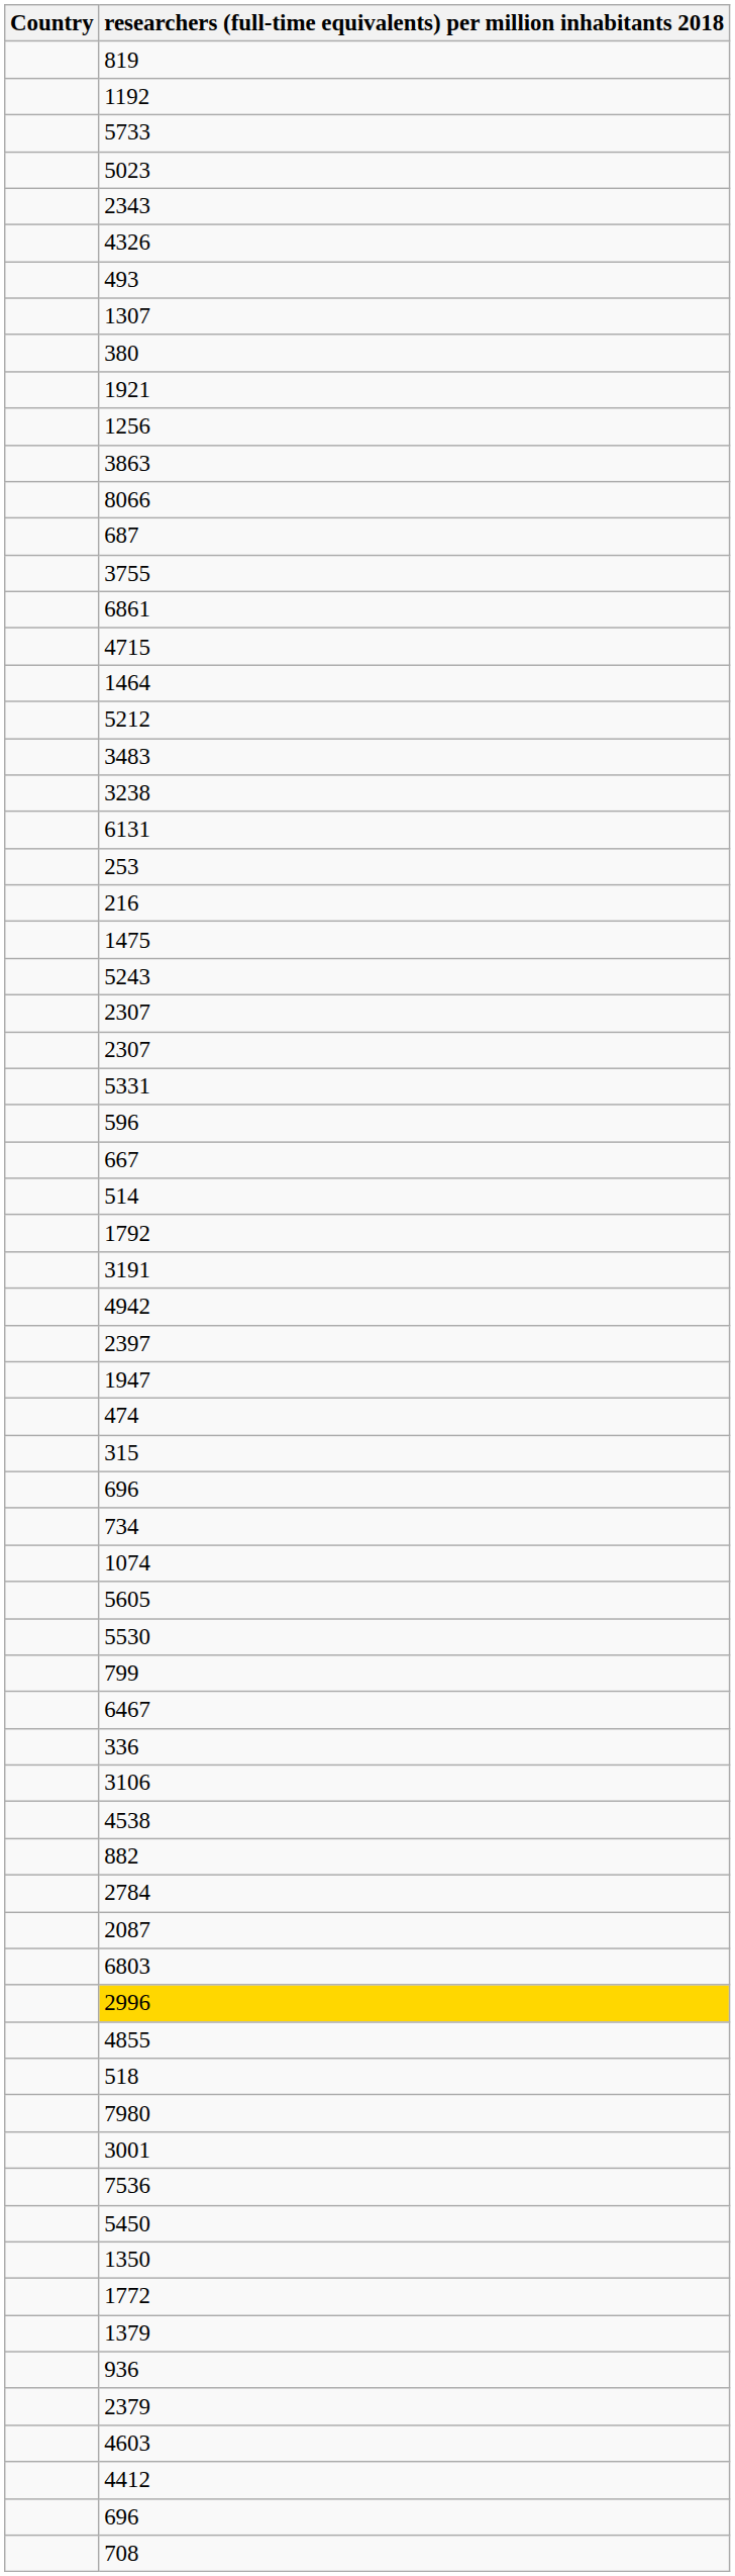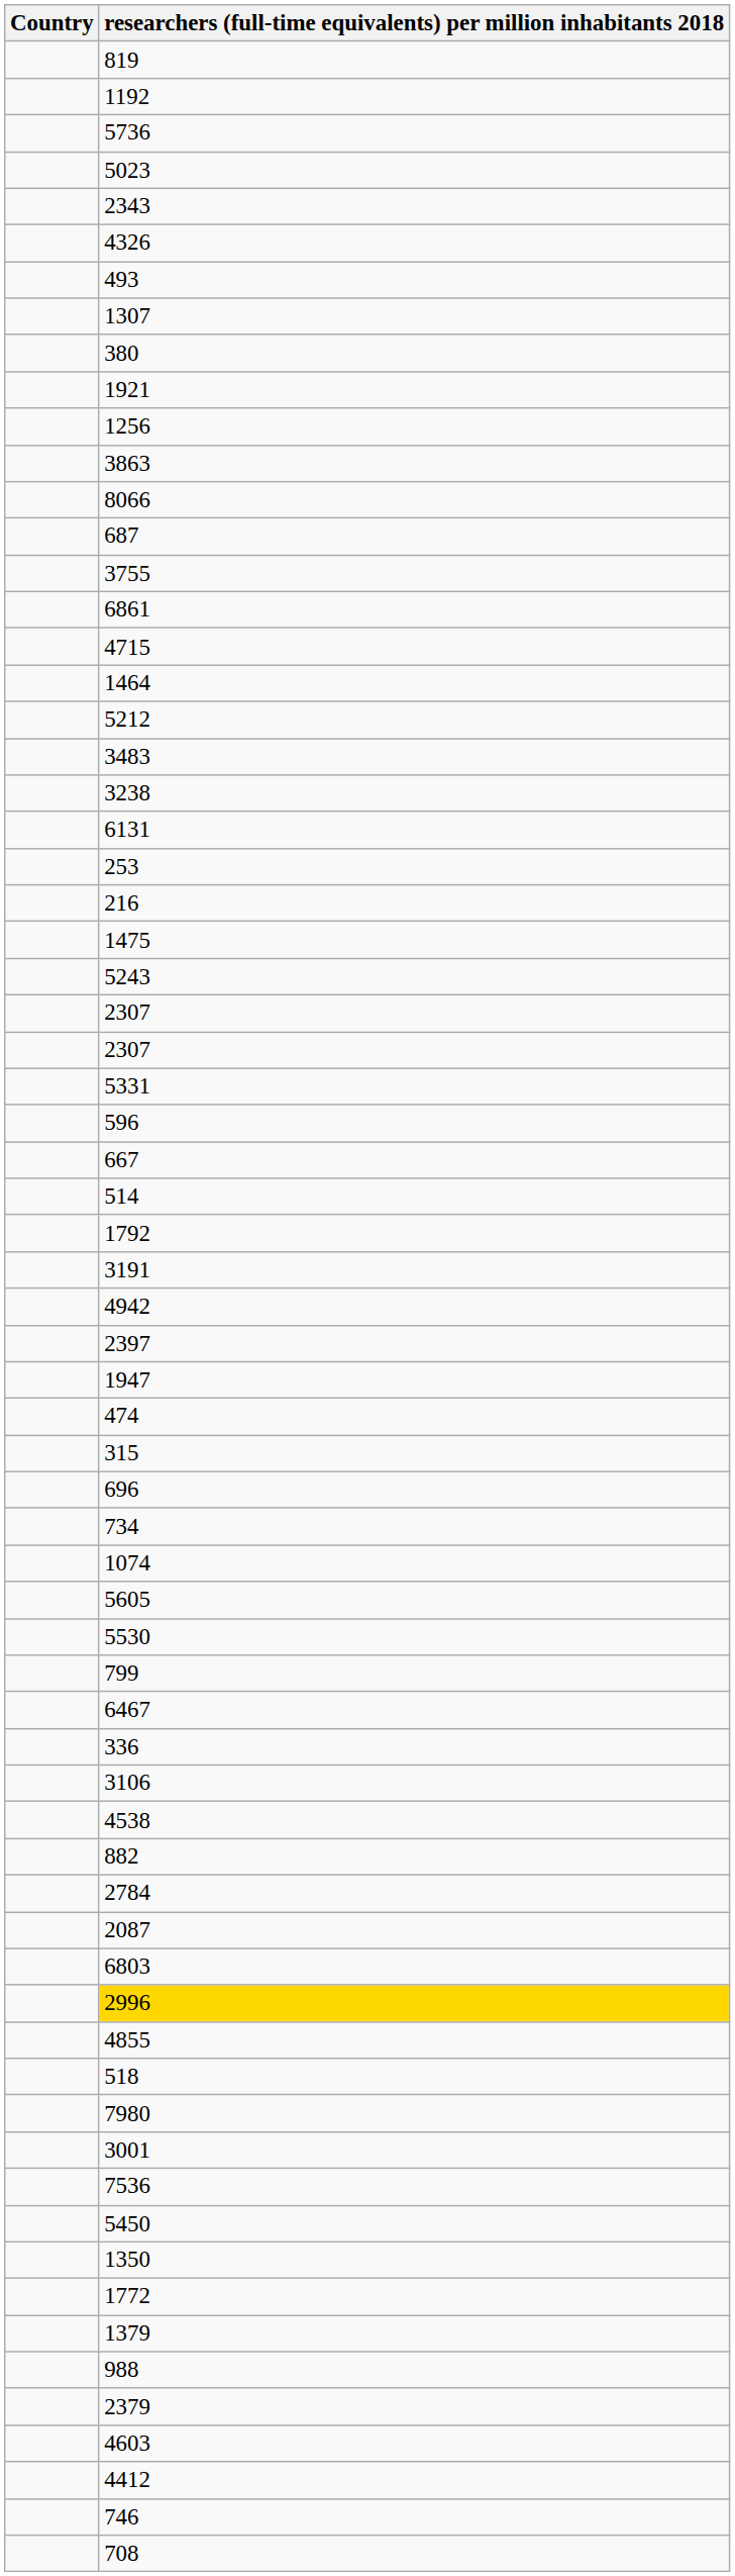 <table class="wikitable sortable mw-collapsible mw-collapsed">
 <tr>
 <th>Country</th>
 <th>researchers (full-time equivalents) per million inhabitants 2018</th>
 </tr>
 <tr>
 <td></td>
 <td>819</td>
 </tr>
 <tr>
 <td></td>
 <td>1192</td>
 </tr>
 <tr>
 <td></td>
-<td>5733</td>
+<td>5736</td>
 </tr>
 <tr>
 <td></td>
 <td>5023</td>
 </tr>
 <tr>
 <td></td>
 <td>2343</td>
 </tr>
 <tr>
 <td></td>
 <td>4326</td>
 </tr>
 <tr>
 <td></td>
 <td>493</td>
 </tr>
 <tr>
 <td></td>
 <td>1307</td>
 </tr>
 <tr>
 <td></td>
 <td>380</td>
 </tr>
 <tr>
 <td></td>
 <td>1921</td>
 </tr>
 <tr>
 <td></td>
 <td>1256</td>
 </tr>
 <tr>
 <td></td>
 <td>3863</td>
 </tr>
 <tr>
 <td></td>
 <td>8066</td>
 </tr>
 <tr>
 <td></td>
 <td>687</td>
 </tr>
 <tr>
 <td></td>
 <td>3755</td>
 </tr>
 <tr>
 <td></td>
 <td>6861</td>
 </tr>
 <tr>
 <td></td>
 <td>4715</td>
 </tr>
 <tr>
 <td></td>
 <td>1464</td>
 </tr>
 <tr>
 <td></td>
 <td>5212</td>
 </tr>
 <tr>
 <td></td>
 <td>3483</td>
 </tr>
 <tr>
 <td></td>
 <td>3238</td>
 </tr>
 <tr>
 <td></td>
 <td>6131</td>
 </tr>
 <tr>
 <td></td>
 <td>253</td>
 </tr>
 <tr>
 <td></td>
 <td>216</td>
 </tr>
 <tr>
 <td></td>
 <td>1475</td>
 </tr>
 <tr>
 <td></td>
 <td>5243</td>
 </tr>
 <tr>
 <td></td>
 <td>2307</td>
 </tr>
 <tr>
 <td></td>
 <td>2307</td>
 </tr>
 <tr>
 <td></td>
 <td>5331</td>
 </tr>
 <tr>
 <td></td>
 <td>596</td>
 </tr>
 <tr>
 <td></td>
 <td>667</td>
 </tr>
 <tr>
 <td></td>
 <td>514</td>
 </tr>
 <tr>
 <td></td>
 <td>1792</td>
 </tr>
 <tr>
 <td></td>
 <td>3191</td>
 </tr>
 <tr>
 <td></td>
 <td>4942</td>
 </tr>
 <tr>
 <td></td>
 <td>2397</td>
 </tr>
 <tr>
 <td></td>
 <td>1947</td>
 </tr>
 <tr>
 <td></td>
 <td>474</td>
 </tr>
 <tr>
 <td></td>
 <td>315</td>
 </tr>
 <tr>
 <td></td>
 <td>696</td>
 </tr>
 <tr>
 <td></td>
 <td>734</td>
 </tr>
 <tr>
 <td></td>
 <td>1074</td>
 </tr>
 <tr>
 <td></td>
 <td>5605</td>
 </tr>
 <tr>
 <td></td>
 <td>5530</td>
 </tr>
 <tr>
 <td></td>
 <td>799</td>
 </tr>
 <tr>
 <td></td>
 <td>6467</td>
 </tr>
 <tr>
 <td></td>
 <td>336</td>
 </tr>
 <tr>
 <td></td>
 <td>3106</td>
 </tr>
 <tr>
 <td></td>
 <td>4538</td>
 </tr>
 <tr>
 <td></td>
 <td>882</td>
 </tr>
 <tr>
 <td></td>
 <td>2784</td>
 </tr>
 <tr>
 <td></td>
 <td>2087</td>
 </tr>
 <tr>
 <td></td>
 <td>6803</td>
 </tr>
 <tr>
 <td></td>
 <td style="background: gold;">2996</td>
 </tr>
 <tr>
 <td></td>
 <td>4855</td>
 </tr>
 <tr>
 <td></td>
 <td>518</td>
 </tr>
 <tr>
 <td></td>
 <td>7980</td>
 </tr>
 <tr>
 <td></td>
 <td>3001</td>
 </tr>
 <tr>
 <td></td>
 <td>7536</td>
 </tr>
 <tr>
 <td></td>
 <td>5450</td>
 </tr>
 <tr>
 <td></td>
 <td>1350</td>
 </tr>
 <tr>
 <td></td>
 <td>1772</td>
 </tr>
 <tr>
 <td></td>
 <td>1379</td>
 </tr>
 <tr>
 <td></td>
-<td>936</td>
+<td>988</td>
 </tr>
 <tr>
 <td></td>
 <td>2379</td>
 </tr>
 <tr>
 <td></td>
 <td>4603</td>
 </tr>
 <tr>
 <td></td>
 <td>4412</td>
 </tr>
 <tr>
 <td></td>
-<td>696</td>
+<td>746</td>
 </tr>
 <tr>
 <td></td>
 <td>708</td>
 </tr>
 </table>
